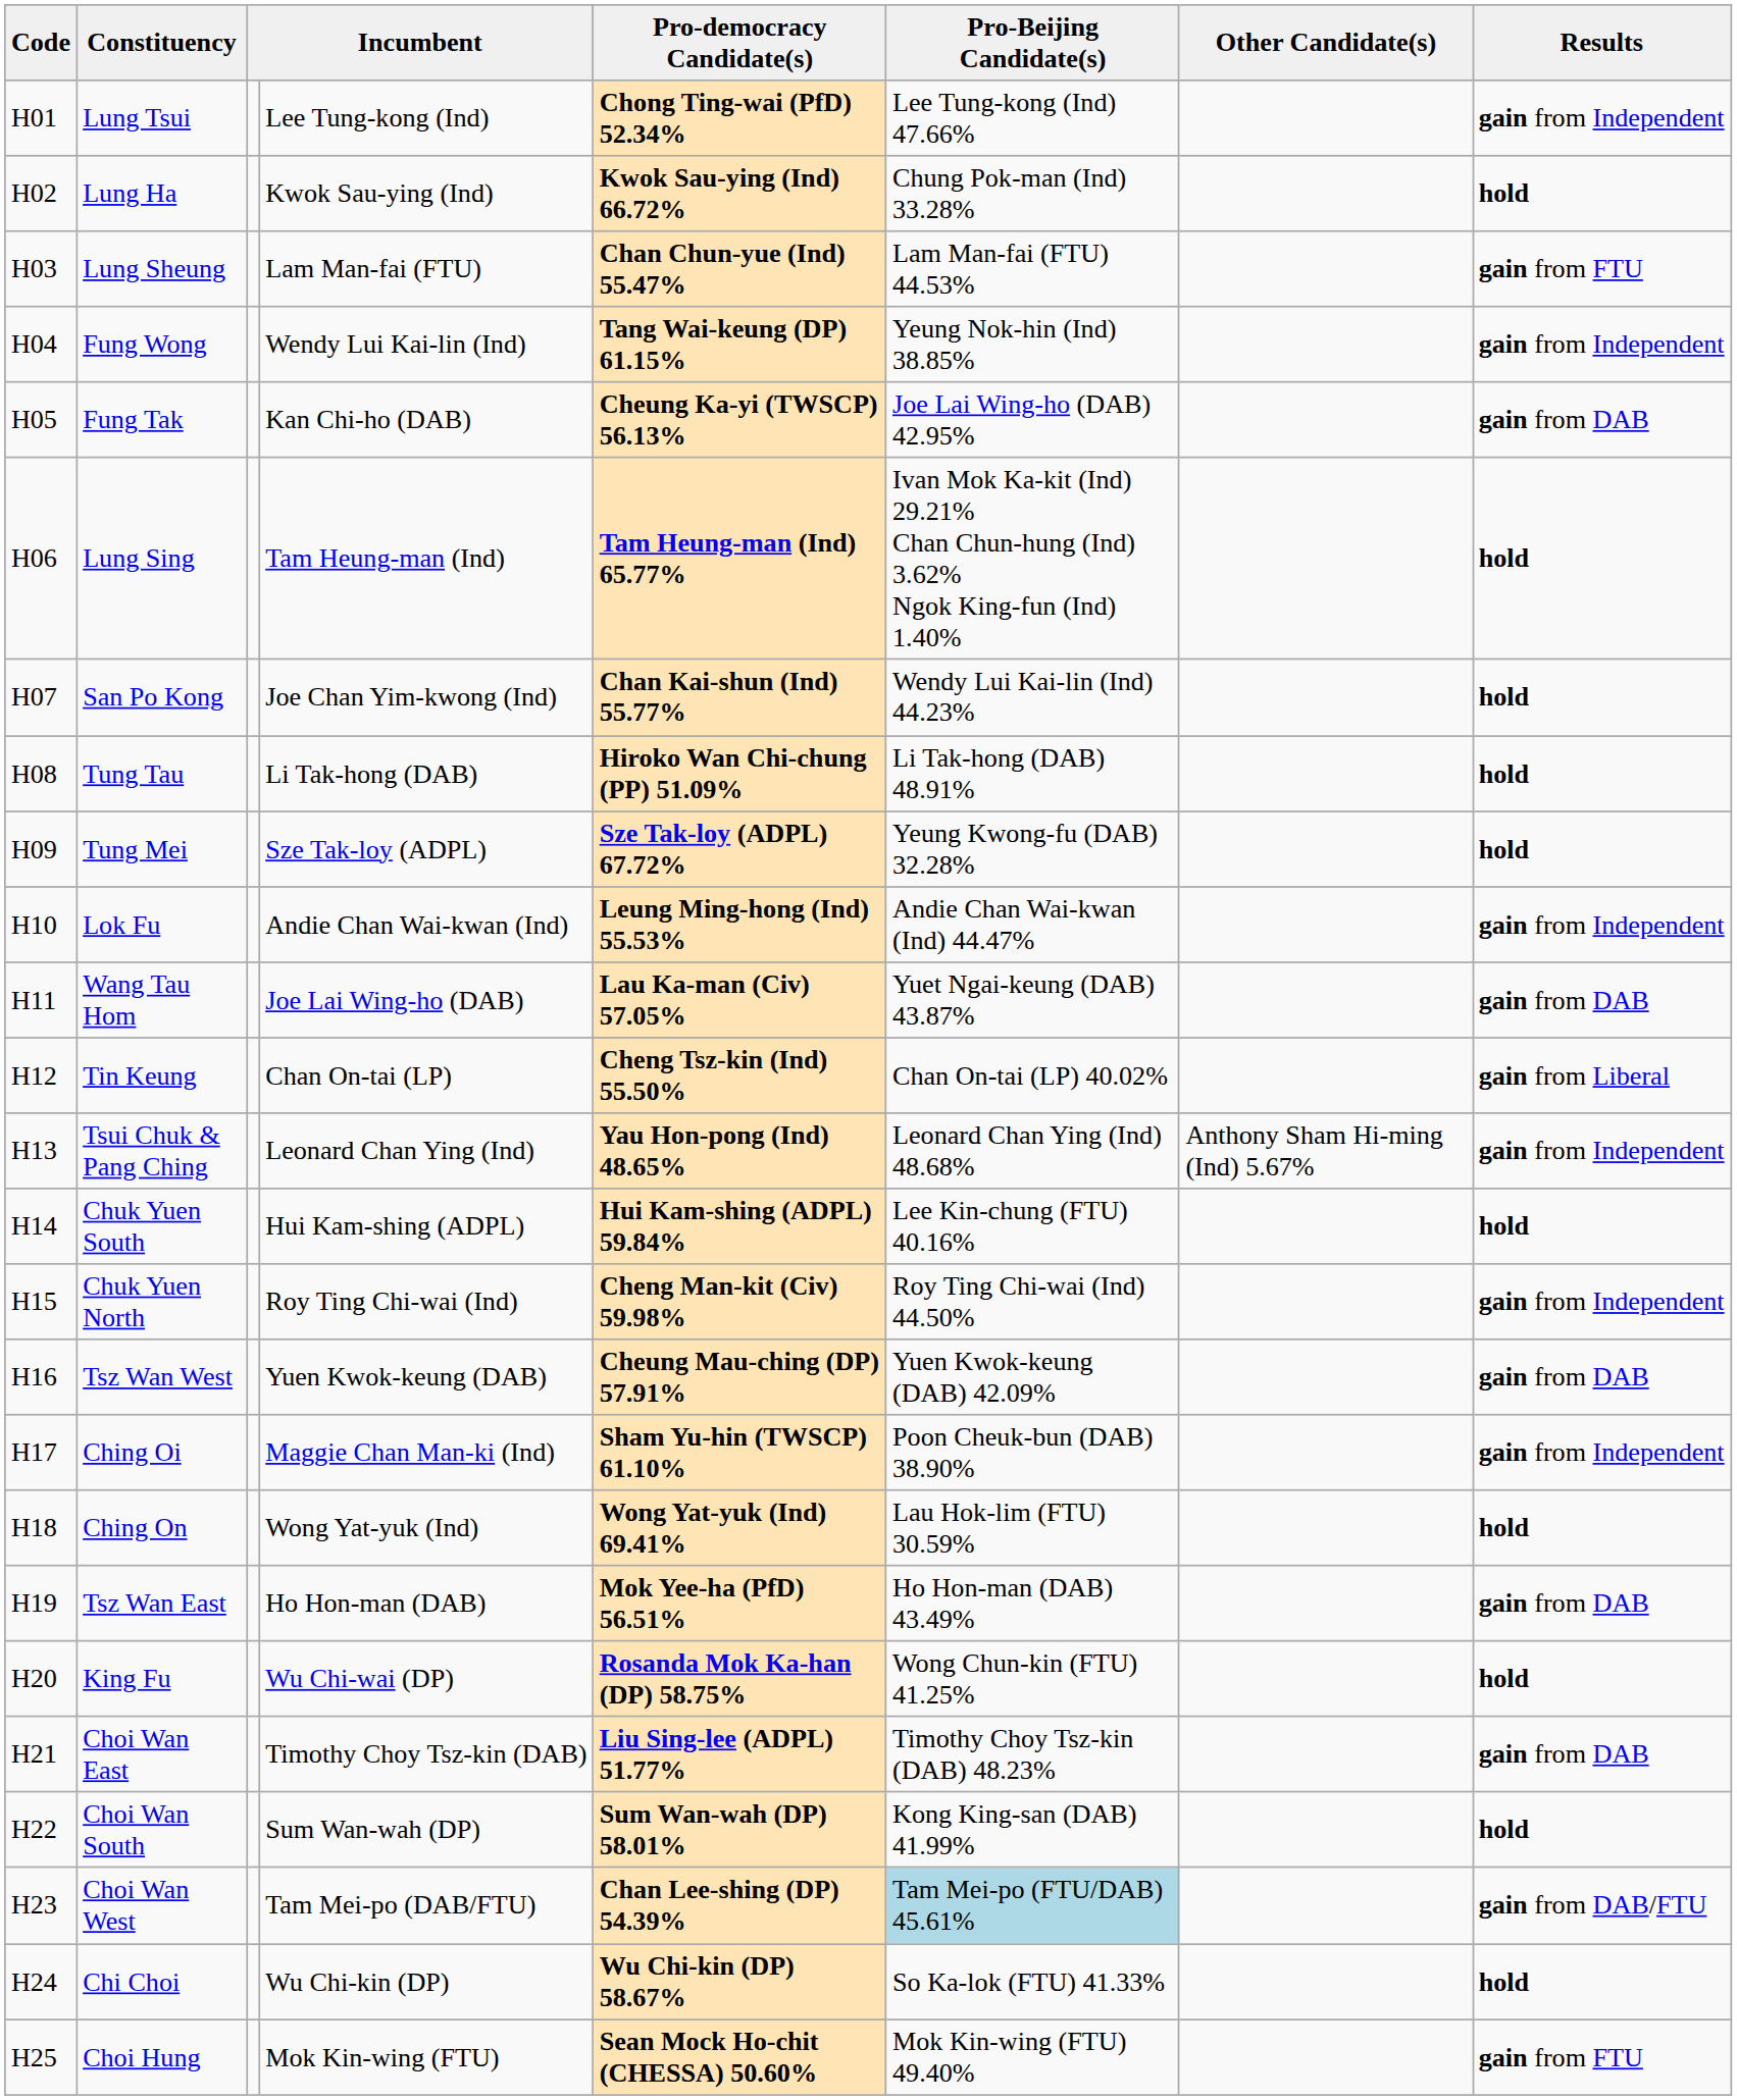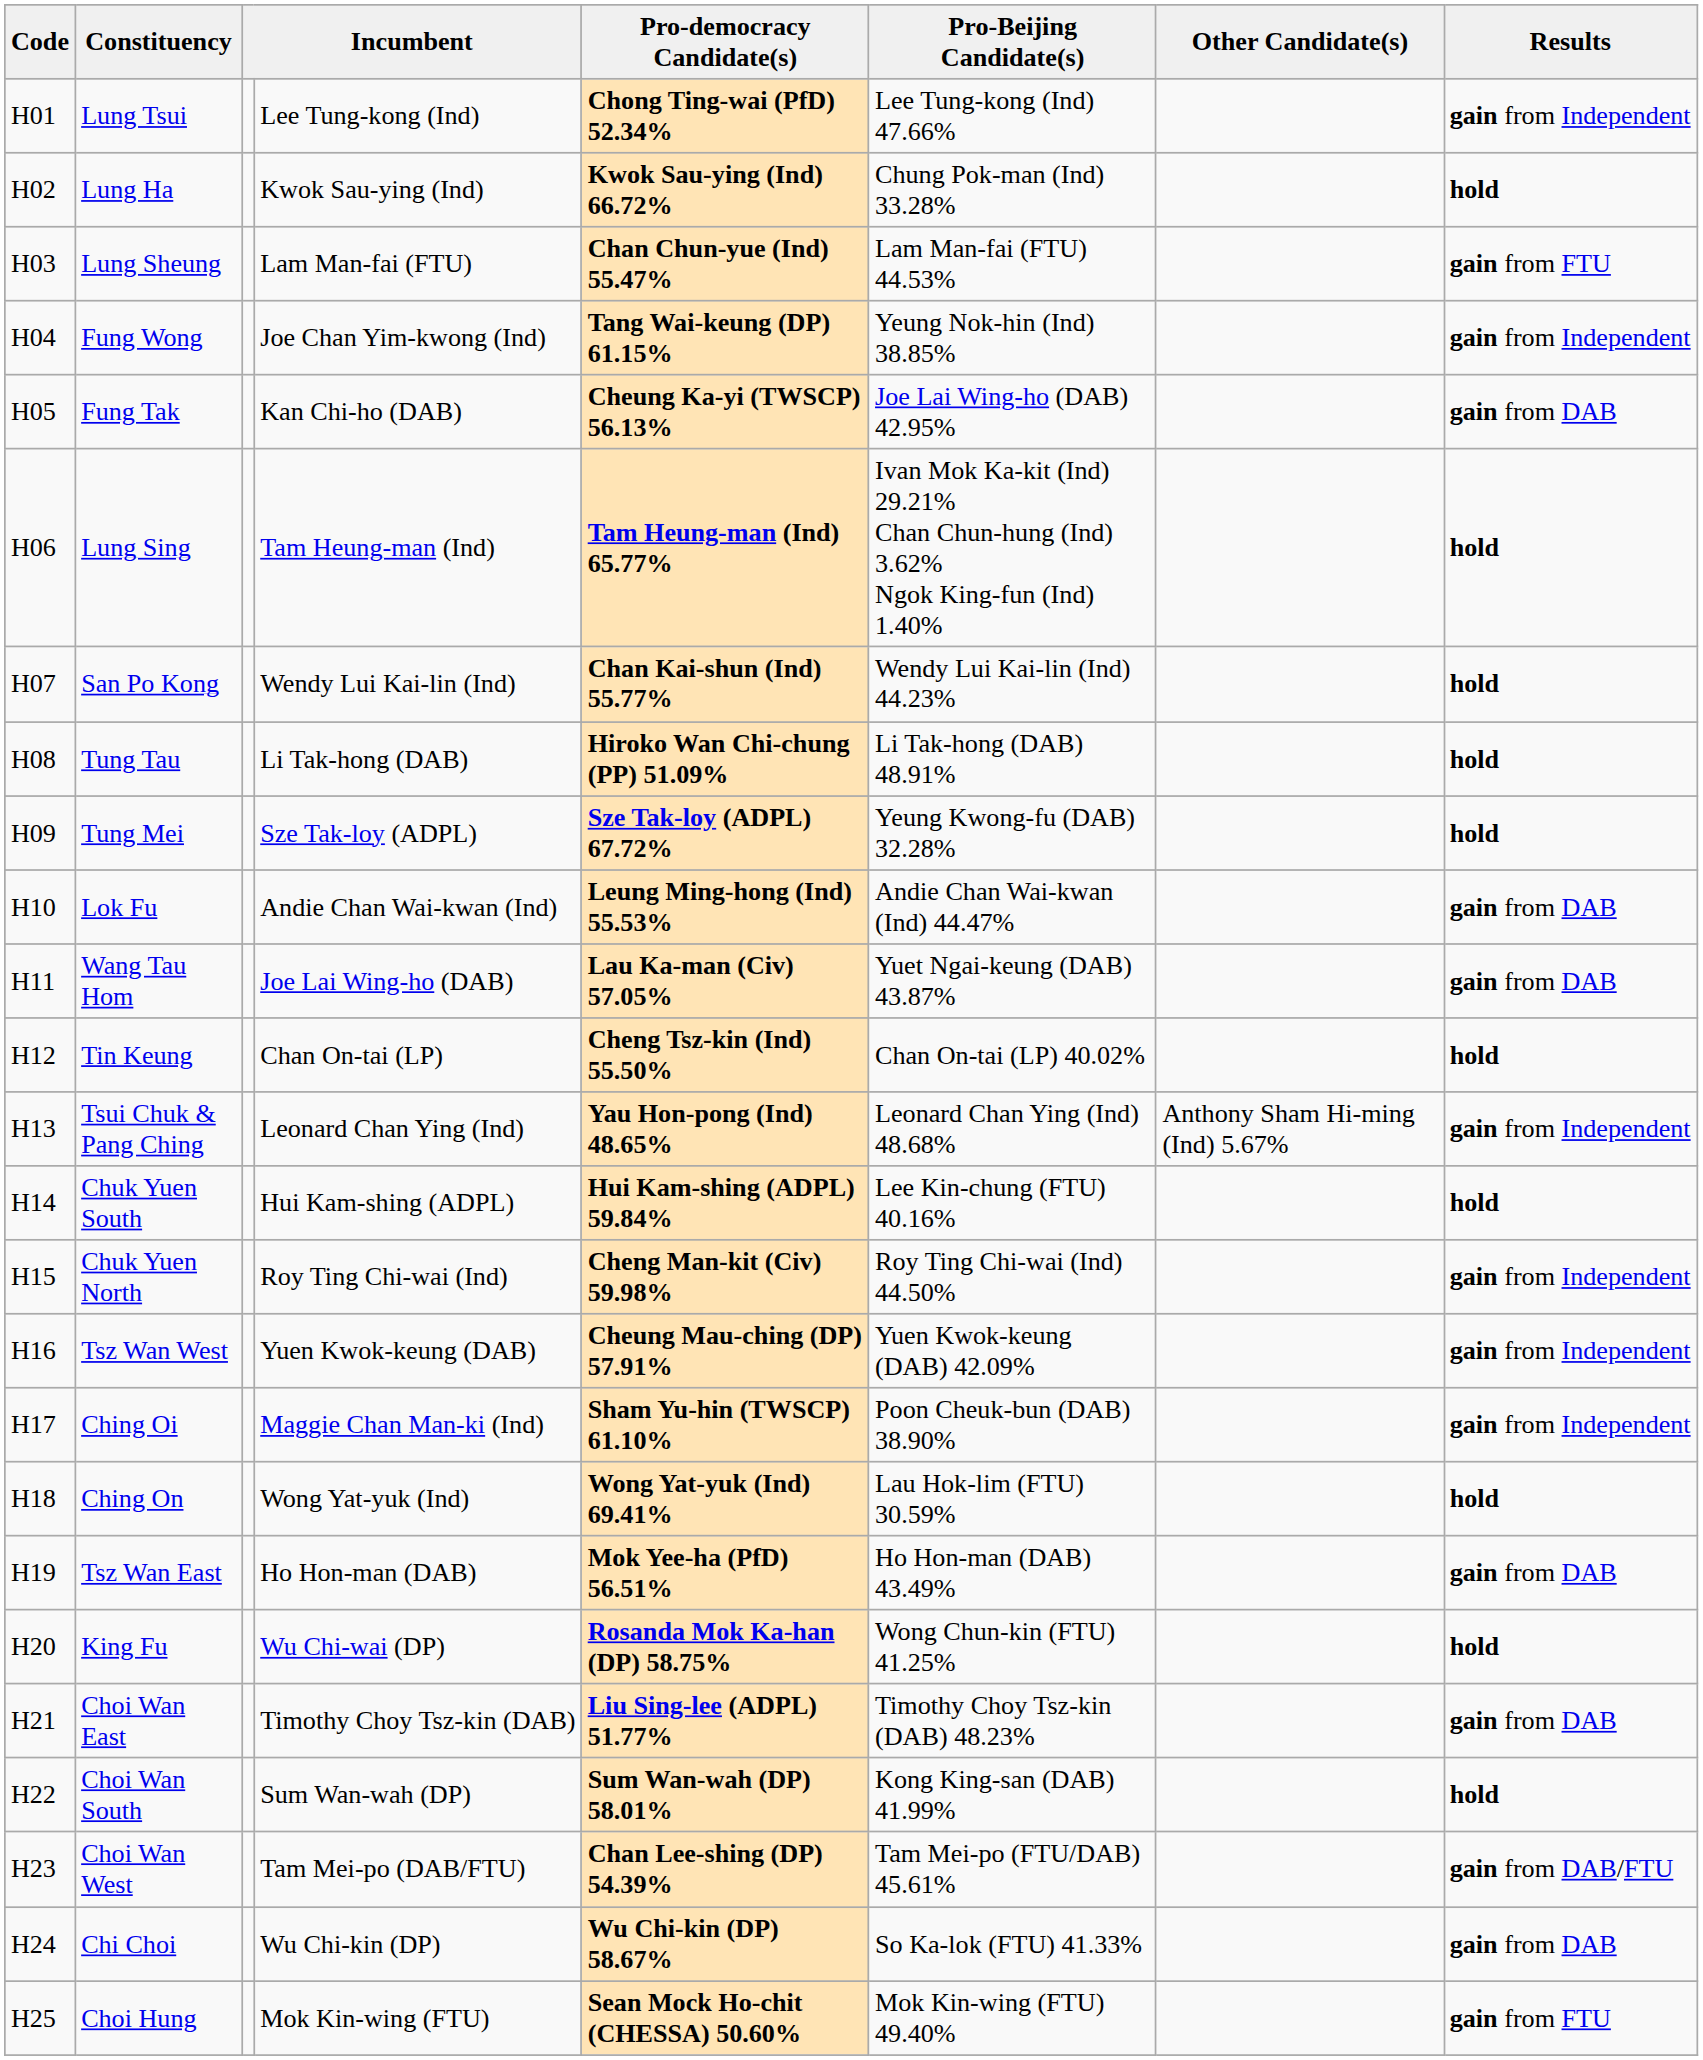 <table class="wikitable sortable" style="font-size: 95%;">
 <tr>
 <th align="center" style="background:#f0f0f0;" width="20px">Code</th>
 <th align="center" style="background:#f0f0f0;" width="90px">Constituency</th>
 <th align="center" style="background:#f0f0f0;" width="120px" colspan="2">Incumbent</th>
 <th align="center" style="background:#f0f0f0;" width="160px">Pro-democracy Candidate(s)</th>
 <th align="center" style="background:#f0f0f0;" width="160px">Pro-Beijing Candidate(s)</th>
 <th align="center" style="background:#f0f0f0;" width="160px">Other Candidate(s)</th>
 <th align="center" style="background:#f0f0f0;" width="100px" colspan="2">Results</th>
 </tr>
 <tr>
 <td>H01</td>
 <td><a href='#'>Lung Tsui</a></td>
 <td></td>
 <td>Lee Tung-kong (Ind)</td>
 <td style="background-color:Moccasin"><strong>Chong Ting-wai (PfD) 52.34%</strong></td>
 <td>Lee Tung-kong (Ind) 47.66%</td>
 <td></td>
 <td> <strong>gain</strong> from <a href='#'>Independent</a></td>
 </tr>
 <tr>
 <td>H02</td>
 <td><a href='#'>Lung Ha</a></td>
 <td></td>
 <td>Kwok Sau-ying (Ind)</td>
 <td style="background-color:Moccasin"><strong>Kwok Sau-ying (Ind) 66.72%</strong></td>
 <td>Chung Pok-man (Ind) 33.28%</td>
 <td></td>
 <td> <strong>hold</strong></td>
 </tr>
 <tr>
 <td>H03</td>
 <td><a href='#'>Lung Sheung</a></td>
 <td></td>
 <td>Lam Man-fai (FTU)</td>
 <td style="background-color:Moccasin"><strong>Chan Chun-yue (Ind) 55.47%</strong></td>
 <td>Lam Man-fai (FTU) 44.53%</td>
 <td></td>
 <td> <strong>gain</strong> from <a href='#'>FTU</a></td>
 </tr>
 <tr>
 <td>H04</td>
 <td><a href='#'>Fung Wong</a></td>
 <td></td>
-<td>Wendy Lui Kai-lin (Ind)</td>
+<td>Joe Chan Yim-kwong (Ind)</td>
 <td style="background-color:Moccasin"><strong>Tang Wai-keung (DP) 61.15%</strong></td>
 <td>Yeung Nok-hin (Ind) 38.85%</td>
 <td></td>
 <td> <strong>gain</strong> from <a href='#'>Independent</a></td>
 </tr>
 <tr>
 <td>H05</td>
 <td><a href='#'>Fung Tak</a></td>
 <td></td>
 <td>Kan Chi-ho (DAB)</td>
 <td style="background-color:Moccasin"><strong>Cheung Ka-yi (TWSCP) 56.13%</strong></td>
 <td><a href='#'>Joe Lai Wing-ho</a> (DAB) 42.95%</td>
 <td></td>
 <td> <strong>gain</strong> from <a href='#'>DAB</a></td>
 </tr>
 <tr>
 <td>H06</td>
 <td><a href='#'>Lung Sing</a></td>
 <td></td>
 <td><a href='#'>Tam Heung-man</a> (Ind)</td>
 <td style="background-color:Moccasin"><strong><a href='#'>Tam Heung-man</a> (Ind) 65.77%</strong></td>
 <td>Ivan Mok Ka-kit (Ind) 29.21%<br>Chan Chun-hung (Ind) 3.62%<br>Ngok King-fun (Ind) 1.40%</td>
 <td></td>
 <td> <strong>hold</strong></td>
 </tr>
 <tr>
 <td>H07</td>
 <td><a href='#'>San Po Kong</a></td>
 <td></td>
-<td>Joe Chan Yim-kwong (Ind)</td>
+<td>Wendy Lui Kai-lin (Ind)</td>
 <td style="background-color:Moccasin"><strong>Chan Kai-shun (Ind) 55.77%</strong></td>
 <td>Wendy Lui Kai-lin (Ind) 44.23%</td>
 <td></td>
 <td> <strong>hold</strong></td>
 </tr>
 <tr>
 <td>H08</td>
 <td><a href='#'>Tung Tau</a></td>
 <td></td>
 <td>Li Tak-hong (DAB)</td>
 <td style="background-color:Moccasin"><strong>Hiroko Wan Chi-chung (PP) 51.09%</strong></td>
 <td>Li Tak-hong (DAB) 48.91%</td>
 <td></td>
 <td> <strong>hold</strong></td>
 </tr>
 <tr>
 <td>H09</td>
 <td><a href='#'>Tung Mei</a></td>
 <td></td>
 <td><a href='#'>Sze Tak-loy</a> (ADPL)</td>
 <td style="background-color:Moccasin"><strong><a href='#'>Sze Tak-loy</a> (ADPL) 67.72%</strong></td>
 <td>Yeung Kwong-fu (DAB) 32.28%</td>
 <td></td>
 <td> <strong>hold</strong></td>
 </tr>
 <tr>
 <td>H10</td>
 <td><a href='#'>Lok Fu</a></td>
 <td></td>
 <td>Andie Chan Wai-kwan (Ind)</td>
 <td style="background-color:Moccasin"><strong>Leung Ming-hong (Ind) 55.53%</strong></td>
 <td>Andie Chan Wai-kwan (Ind) 44.47%</td>
 <td></td>
-<td> <strong>gain</strong> from <a href='#'>Independent</a></td>
+<td> <strong>gain</strong> from <a href='#'>DAB</a></td>
 </tr>
 <tr>
 <td>H11</td>
 <td><a href='#'>Wang Tau Hom</a></td>
 <td></td>
 <td><a href='#'>Joe Lai Wing-ho</a> (DAB)</td>
 <td style="background-color:Moccasin"><strong>Lau Ka-man (Civ) 57.05%</strong></td>
 <td>Yuet Ngai-keung (DAB) 43.87%</td>
 <td></td>
 <td> <strong>gain</strong> from <a href='#'>DAB</a></td>
 </tr>
 <tr>
 <td>H12</td>
 <td><a href='#'>Tin Keung</a></td>
 <td></td>
 <td>Chan On-tai (LP)</td>
 <td style="background-color:Moccasin"><strong>Cheng Tsz-kin (Ind) 55.50%</strong></td>
 <td>Chan On-tai (LP) 40.02%</td>
 <td></td>
-<td> <strong>gain</strong> from <a href='#'>Liberal</a></td>
+<td> <strong>hold</strong></td>
 </tr>
 <tr>
 <td>H13</td>
 <td><a href='#'>Tsui Chuk & Pang Ching</a></td>
 <td></td>
 <td>Leonard Chan Ying (Ind)</td>
 <td style="background-color:Moccasin"><strong>Yau Hon-pong (Ind) 48.65%</strong></td>
 <td>Leonard Chan Ying (Ind) 48.68%</td>
 <td>Anthony Sham Hi-ming (Ind) 5.67%</td>
 <td> <strong>gain</strong> from <a href='#'>Independent</a></td>
 </tr>
 <tr>
 <td>H14</td>
 <td><a href='#'>Chuk Yuen South</a></td>
 <td></td>
 <td>Hui Kam-shing (ADPL)</td>
 <td style="background-color:Moccasin"><strong>Hui Kam-shing (ADPL) 59.84%</strong></td>
 <td>Lee Kin-chung (FTU) 40.16%</td>
 <td></td>
 <td> <strong>hold</strong></td>
 </tr>
 <tr>
 <td>H15</td>
 <td><a href='#'>Chuk Yuen North</a></td>
 <td></td>
 <td>Roy Ting Chi-wai (Ind)</td>
 <td style="background-color:Moccasin"><strong>Cheng Man-kit (Civ) 59.98%</strong></td>
 <td>Roy Ting Chi-wai (Ind) 44.50%</td>
 <td></td>
 <td> <strong>gain</strong> from <a href='#'>Independent</a></td>
 </tr>
 <tr>
 <td>H16</td>
 <td><a href='#'>Tsz Wan West</a></td>
 <td></td>
 <td>Yuen Kwok-keung (DAB)</td>
 <td style="background-color:Moccasin"><strong>Cheung Mau-ching (DP) 57.91%</strong></td>
 <td>Yuen Kwok-keung (DAB) 42.09%</td>
 <td></td>
-<td> <strong>gain</strong> from <a href='#'>DAB</a></td>
+<td> <strong>gain</strong> from <a href='#'>Independent</a></td>
 </tr>
 <tr>
 <td>H17</td>
 <td><a href='#'>Ching Oi</a></td>
 <td></td>
 <td><a href='#'>Maggie Chan Man-ki</a> (Ind)</td>
 <td style="background-color:Moccasin"><strong>Sham Yu-hin (TWSCP) 61.10%</strong></td>
 <td>Poon Cheuk-bun (DAB) 38.90%</td>
 <td></td>
 <td> <strong>gain</strong> from <a href='#'>Independent</a></td>
 </tr>
 <tr>
 <td>H18</td>
 <td><a href='#'>Ching On</a></td>
 <td></td>
 <td>Wong Yat-yuk (Ind)</td>
 <td style="background-color:Moccasin"><strong>Wong Yat-yuk (Ind) 69.41%</strong></td>
 <td>Lau Hok-lim (FTU) 30.59%</td>
 <td></td>
 <td> <strong>hold</strong></td>
 </tr>
 <tr>
 <td>H19</td>
 <td><a href='#'>Tsz Wan East</a></td>
 <td></td>
 <td>Ho Hon-man (DAB)</td>
 <td style="background-color:Moccasin"><strong>Mok Yee-ha (PfD) 56.51%</strong></td>
 <td>Ho Hon-man (DAB) 43.49%</td>
 <td></td>
 <td> <strong>gain</strong> from <a href='#'>DAB</a></td>
 </tr>
 <tr>
 <td>H20</td>
 <td><a href='#'>King Fu</a></td>
 <td></td>
 <td><a href='#'>Wu Chi-wai</a> (DP)</td>
 <td style="background-color:Moccasin"><strong><a href='#'>Rosanda Mok Ka-han</a> (DP) 58.75%</strong></td>
 <td>Wong Chun-kin (FTU) 41.25%</td>
 <td></td>
 <td> <strong>hold</strong></td>
 </tr>
 <tr>
 <td>H21</td>
 <td><a href='#'>Choi Wan East</a></td>
 <td></td>
 <td>Timothy Choy Tsz-kin (DAB)</td>
 <td style="background-color:Moccasin"><strong><a href='#'>Liu Sing-lee</a> (ADPL) 51.77%</strong></td>
 <td>Timothy Choy Tsz-kin (DAB) 48.23%</td>
 <td></td>
 <td> <strong>gain</strong> from <a href='#'>DAB</a></td>
 </tr>
 <tr>
 <td>H22</td>
 <td><a href='#'>Choi Wan South</a></td>
 <td></td>
 <td>Sum Wan-wah (DP)</td>
 <td style="background-color:Moccasin"><strong>Sum Wan-wah (DP) 58.01%</strong></td>
 <td>Kong King-san (DAB) 41.99%</td>
 <td></td>
 <td> <strong>hold</strong></td>
 </tr>
 <tr>
 <td>H23</td>
 <td><a href='#'>Choi Wan West</a></td>
 <td></td>
 <td>Tam Mei-po  (DAB/FTU)</td>
 <td style="background-color:Moccasin"><strong>Chan Lee-shing (DP) 54.39%</strong></td>
-<td style="background: lightblue;">Tam Mei-po (FTU/DAB) 45.61%</td>
+<td>Tam Mei-po (FTU/DAB) 45.61%</td>
 <td></td>
 <td> <strong>gain</strong> from <a href='#'>DAB</a>/<a href='#'>FTU</a></td>
 </tr>
 <tr>
 <td>H24</td>
 <td><a href='#'>Chi Choi</a></td>
 <td></td>
 <td>Wu Chi-kin (DP)</td>
 <td style="background-color:Moccasin"><strong>Wu Chi-kin (DP) 58.67%</strong></td>
 <td>So Ka-lok (FTU) 41.33%</td>
 <td></td>
-<td> <strong>hold</strong></td>
+<td> <strong>gain</strong> from <a href='#'>DAB</a></td>
 </tr>
 <tr>
 <td>H25</td>
 <td><a href='#'>Choi Hung</a></td>
 <td></td>
 <td>Mok Kin-wing (FTU)</td>
 <td style="background-color:Moccasin"><strong>Sean Mock Ho-chit (CHESSA) 50.60%</strong></td>
 <td>Mok Kin-wing (FTU) 49.40%</td>
 <td></td>
 <td> <strong>gain</strong> from <a href='#'>FTU</a></td>
 </tr>
 </table>
